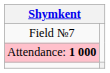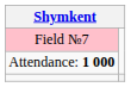 <table class="wikitable" style="text-align:center;">
 <tr>
 <th colspan="4" align="center"><a href='#'>Shymkent</a></th>
 </tr>
 <tr>
-<td>Field №7</td>
+<td style="background: pink;">Field №7</td>
 </tr>
 <tr>
-<td style="background: pink;">Attendance: <strong>1 000</strong></td>
+<td>Attendance: <strong>1 000</strong></td>
 </tr>
 <tr>
 <td></td>
 <th rowspan=8 colspan=2></th>
 </tr>
 </table>
